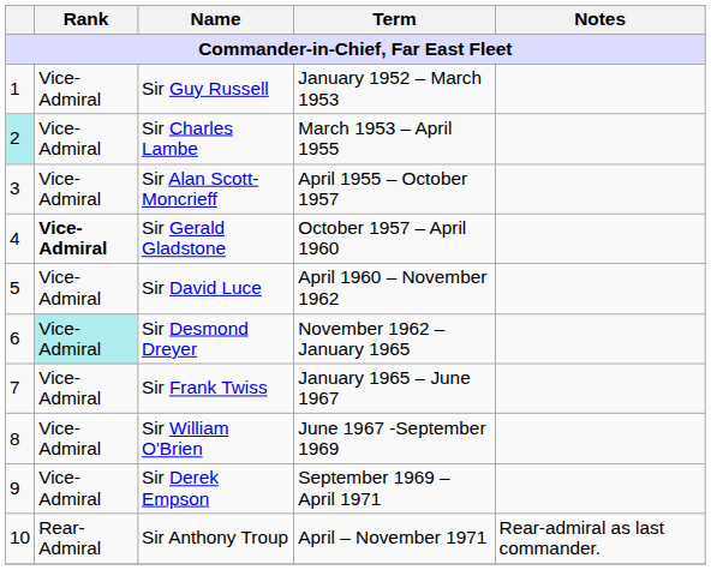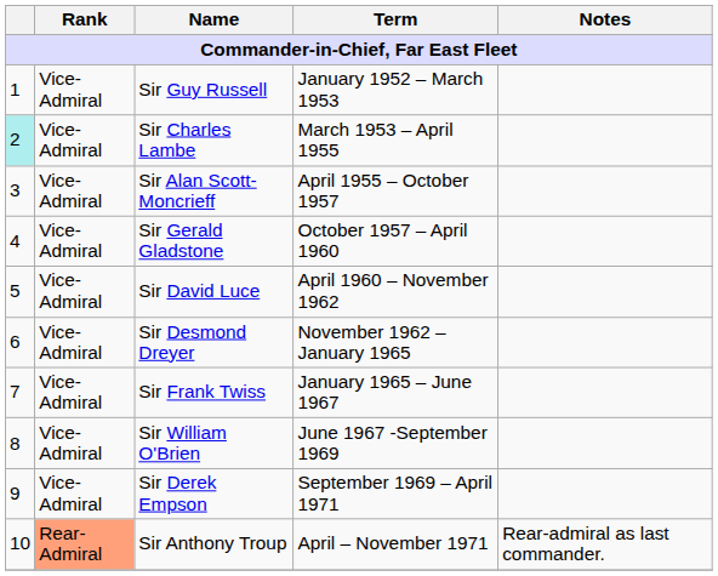 <table class="wikitable">
 <tr>
 <th></th>
 <th>Rank</th>
 <th>Name</th>
 <th>Term</th>
 <th>Notes</th>
 </tr>
 <tr>
 <td colspan="5" align="center" style="background:#dcdcfe;"><strong>Commander-in-Chief, Far East Fleet</strong></td>
 </tr>
 <tr>
 <td>1</td>
 <td>Vice-Admiral</td>
 <td>Sir <a href='#'>Guy Russell</a></td>
 <td>January 1952 – March 1953</td>
 <td></td>
 </tr>
 <tr>
 <td style="background: paleturquoise;">2</td>
 <td>Vice-Admiral</td>
 <td>Sir <a href='#'>Charles Lambe</a></td>
 <td>March 1953 – April 1955</td>
 <td></td>
 </tr>
 <tr>
 <td>3</td>
 <td>Vice-Admiral</td>
 <td>Sir <a href='#'>Alan Scott-Moncrieff</a></td>
 <td>April 1955 – October 1957</td>
 <td></td>
 </tr>
 <tr>
 <td>4</td>
-<td><strong>Vice-Admiral</strong></td>
+<td>Vice-Admiral</td>
 <td>Sir <a href='#'>Gerald Gladstone</a></td>
 <td>October 1957 – April 1960</td>
 <td></td>
 </tr>
 <tr>
 <td>5</td>
 <td>Vice-Admiral</td>
 <td>Sir <a href='#'>David Luce</a></td>
 <td>April 1960 – November 1962</td>
 <td></td>
 </tr>
 <tr>
 <td>6</td>
-<td style="background: paleturquoise;">Vice-Admiral</td>
+<td>Vice-Admiral</td>
 <td>Sir <a href='#'>Desmond Dreyer</a></td>
 <td>November 1962 – January 1965</td>
 <td></td>
 </tr>
 <tr>
 <td>7</td>
 <td>Vice-Admiral</td>
 <td>Sir <a href='#'>Frank Twiss</a></td>
 <td>January 1965 – June 1967</td>
 <td></td>
 </tr>
 <tr>
 <td>8</td>
 <td>Vice-Admiral</td>
 <td>Sir <a href='#'>William O'Brien</a></td>
 <td>June 1967 -September 1969</td>
 <td></td>
 </tr>
 <tr>
 <td>9</td>
 <td>Vice-Admiral</td>
 <td>Sir <a href='#'>Derek Empson</a></td>
 <td>September 1969 – April 1971</td>
 <td></td>
 </tr>
 <tr>
 <td>10</td>
-<td>Rear-Admiral</td>
+<td style="background: lightsalmon;">Rear-Admiral</td>
 <td>Sir Anthony Troup</td>
 <td>April – November 1971</td>
 <td>Rear-admiral as last commander.</td>
 </tr>
 <tr>
 </tr>
 </table>
